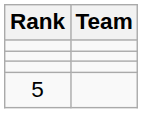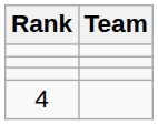 <table class="wikitable">
 <tr>
 <th>Rank</th>
 <th>Team</th>
 </tr>
 <tr>
 <td align=center></td>
 <td></td>
 </tr>
 <tr>
 <td align=center></td>
 <td></td>
 </tr>
 <tr>
 <td align=center></td>
 <td></td>
 </tr>
 <tr>
-<td align=center>5</td>
+<td align=center>4</td>
 <td></td>
 </tr>
 </table>
